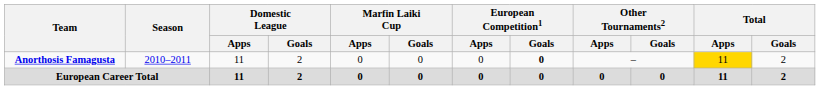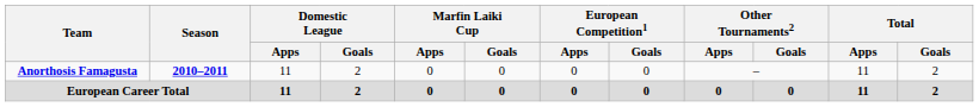 <table class="wikitable" style="text-align:center; width=75%;">
 <tr>
 <th rowspan=2 width=10%><strong>Team</strong></th>
 <th rowspan=2 width=7%><strong>Season</strong></th>
 <th colspan=2 width=10%>Domestic<br>League</th>
 <th colspan=2 width=10%>Marfin Laiki<br>Cup</th>
 <th colspan=2 width=10%>European<br>Competition<sup>1</sup></th>
 <th colspan=2 width=10%>Other<br>Tournaments<sup>2</sup></th>
 <th colspan=2 width=10%>Total</th>
 </tr>
 <tr>
 <th><strong>Apps</strong></th>
 <th><strong>Goals</strong></th>
 <th><strong>Apps</strong></th>
 <th><strong>Goals</strong></th>
 <th><strong>Apps</strong></th>
 <th><strong>Goals</strong></th>
 <th><strong>Apps</strong></th>
 <th><strong>Goals</strong></th>
 <th><strong>Apps</strong></th>
 <th><strong>Goals</strong></th>
 </tr>
 <tr>
 <td rowspan=1><strong><a href='#'>Anorthosis Famagusta</a></strong></td>
-<td><a href='#'>2010–2011</a></td>
+<td><strong><a href='#'>2010–2011</a></strong></td>
 <td>11</td>
 <td>2</td>
 <td>0</td>
 <td>0</td>
 <td>0</td>
-<td><strong>0</strong></td>
+<td>0</td>
 <td colspan="2">–</td>
-<td style="background: gold;">11</td>
+<td>11</td>
 <td>2</td>
 </tr>
 <tr>
 <th style="background: #DCDCDC" colspan=2>European Career Total</th>
 <th style="background: #DCDCDC"><strong>11</strong></th>
 <th style="background: #DCDCDC"><strong>2</strong></th>
 <th style="background: #DCDCDC"><strong>0</strong></th>
 <th style="background: #DCDCDC"><strong>0</strong></th>
 <th style="background: #DCDCDC"><strong>0</strong></th>
 <th style="background: #DCDCDC"><strong>0</strong></th>
 <th style="background: #DCDCDC"><strong>0</strong></th>
 <th style="background: #DCDCDC"><strong>0</strong></th>
 <th style="background: #DCDCDC"><strong>11</strong></th>
 <th style="background: #DCDCDC"><strong>2</strong></th>
 </tr>
 </table>
